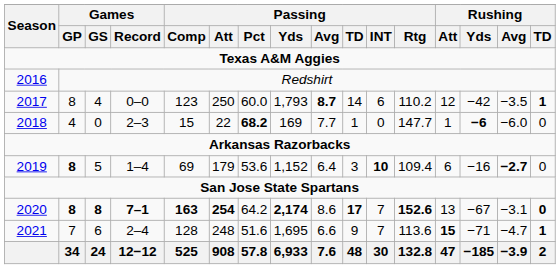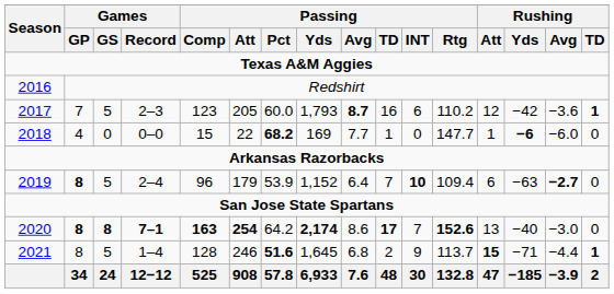 <table class="wikitable" style="text-align:center;">
 <tr College statistics>
 </tr>
 <tr>
 <th rowspan="2">Season</th>
 <th colspan="3">Games</th>
 <th colspan="8">Passing</th>
 <th colspan="5">Rushing</th>
 </tr>
 <tr>
 <th>GP</th>
 <th>GS</th>
 <th>Record</th>
 <th>Comp</th>
 <th>Att</th>
 <th>Pct</th>
 <th>Yds</th>
 <th>Avg</th>
 <th>TD</th>
 <th>INT</th>
 <th>Rtg</th>
 <th>Att</th>
 <th>Yds</th>
 <th>Avg</th>
 <th>TD</th>
 </tr>
 <tr>
 <td ! colspan="16"><strong>Texas A&M Aggies</strong></td>
 </tr>
 <tr>
 <td><a href='#'>2016</a></td>
 <td colspan="15"><em>Redshirt </em></td>
 </tr>
 <tr>
 <td><a href='#'>2017</a></td>
-<td>8</td>
-<td>4</td>
-<td>0–0</td>
+<td>7</td>
+<td>5</td>
+<td>2–3</td>
 <td>123</td>
-<td>250</td>
+<td>205</td>
 <td>60.0</td>
 <td>1,793</td>
 <td><strong>8.7</strong></td>
-<td>14</td>
+<td>16</td>
 <td>6</td>
 <td>110.2</td>
 <td>12</td>
 <td>−42</td>
-<td>−3.5</td>
+<td>−3.6</td>
 <td><strong>1</strong></td>
 </tr>
 <tr>
 <td><a href='#'>2018</a></td>
 <td>4</td>
 <td>0</td>
-<td>2–3</td>
+<td>0–0</td>
 <td>15</td>
 <td>22</td>
 <td><strong>68.2</strong></td>
 <td>169</td>
 <td>7.7</td>
 <td>1</td>
 <td>0</td>
 <td>147.7</td>
 <td>1</td>
 <td><strong>−6</strong></td>
 <td>−6.0</td>
 <td>0</td>
 </tr>
 <tr>
 <td ! colspan="16"><strong>Arkansas Razorbacks</strong></td>
 </tr>
 <tr>
 <td><a href='#'>2019</a></td>
 <td><strong>8</strong></td>
 <td>5</td>
-<td>1–4</td>
-<td>69</td>
+<td>2–4</td>
+<td>96</td>
 <td>179</td>
-<td>53.6</td>
+<td>53.9</td>
 <td>1,152</td>
 <td>6.4</td>
-<td>3</td>
+<td>7</td>
 <td><strong>10</strong></td>
 <td>109.4</td>
 <td>6</td>
-<td>−16</td>
+<td>−63</td>
 <td><strong>−2.7</strong></td>
 <td>0</td>
 </tr>
 <tr>
 <td ! colspan="16"><strong>San Jose State Spartans</strong></td>
 </tr>
 <tr>
 <td><a href='#'>2020</a></td>
 <td><strong>8</strong></td>
 <td><strong>8</strong></td>
 <td><strong>7–1</strong></td>
 <td><strong>163</strong></td>
 <td><strong>254</strong></td>
 <td>64.2</td>
 <td><strong>2,174</strong></td>
 <td>8.6</td>
 <td><strong>17</strong></td>
 <td>7</td>
 <td><strong>152.6</strong></td>
 <td>13</td>
-<td>−67</td>
-<td>−3.1</td>
-<td><strong>0</strong></td>
+<td>−40</td>
+<td>−3.0</td>
+<td>0</td>
 </tr>
 <tr>
 <td><a href='#'>2021</a></td>
-<td>7</td>
-<td>6</td>
-<td>2–4</td>
+<td>8</td>
+<td>5</td>
+<td>1–4</td>
 <td>128</td>
-<td>248</td>
-<td>51.6</td>
-<td>1,695</td>
-<td>6.6</td>
+<td>246</td>
+<td><strong>51.6</strong></td>
+<td>1,645</td>
+<td>6.8</td>
+<td>2</td>
 <td>9</td>
-<td>7</td>
-<td>113.6</td>
+<td>113.7</td>
 <td><strong>15</strong></td>
 <td>−71</td>
-<td>−4.7</td>
+<td>−4.4</td>
 <td><strong>1</strong></td>
 </tr>
 <tr>
 <th></th>
 <th>34</th>
 <th>24</th>
 <th>12−12</th>
 <th>525</th>
 <th>908</th>
 <th>57.8</th>
 <th>6,933</th>
 <th>7.6</th>
 <th>48</th>
 <th>30</th>
 <th>132.8</th>
 <th>47</th>
 <th>−185</th>
 <th>−3.9</th>
 <th>2</th>
 </tr>
 </table>
